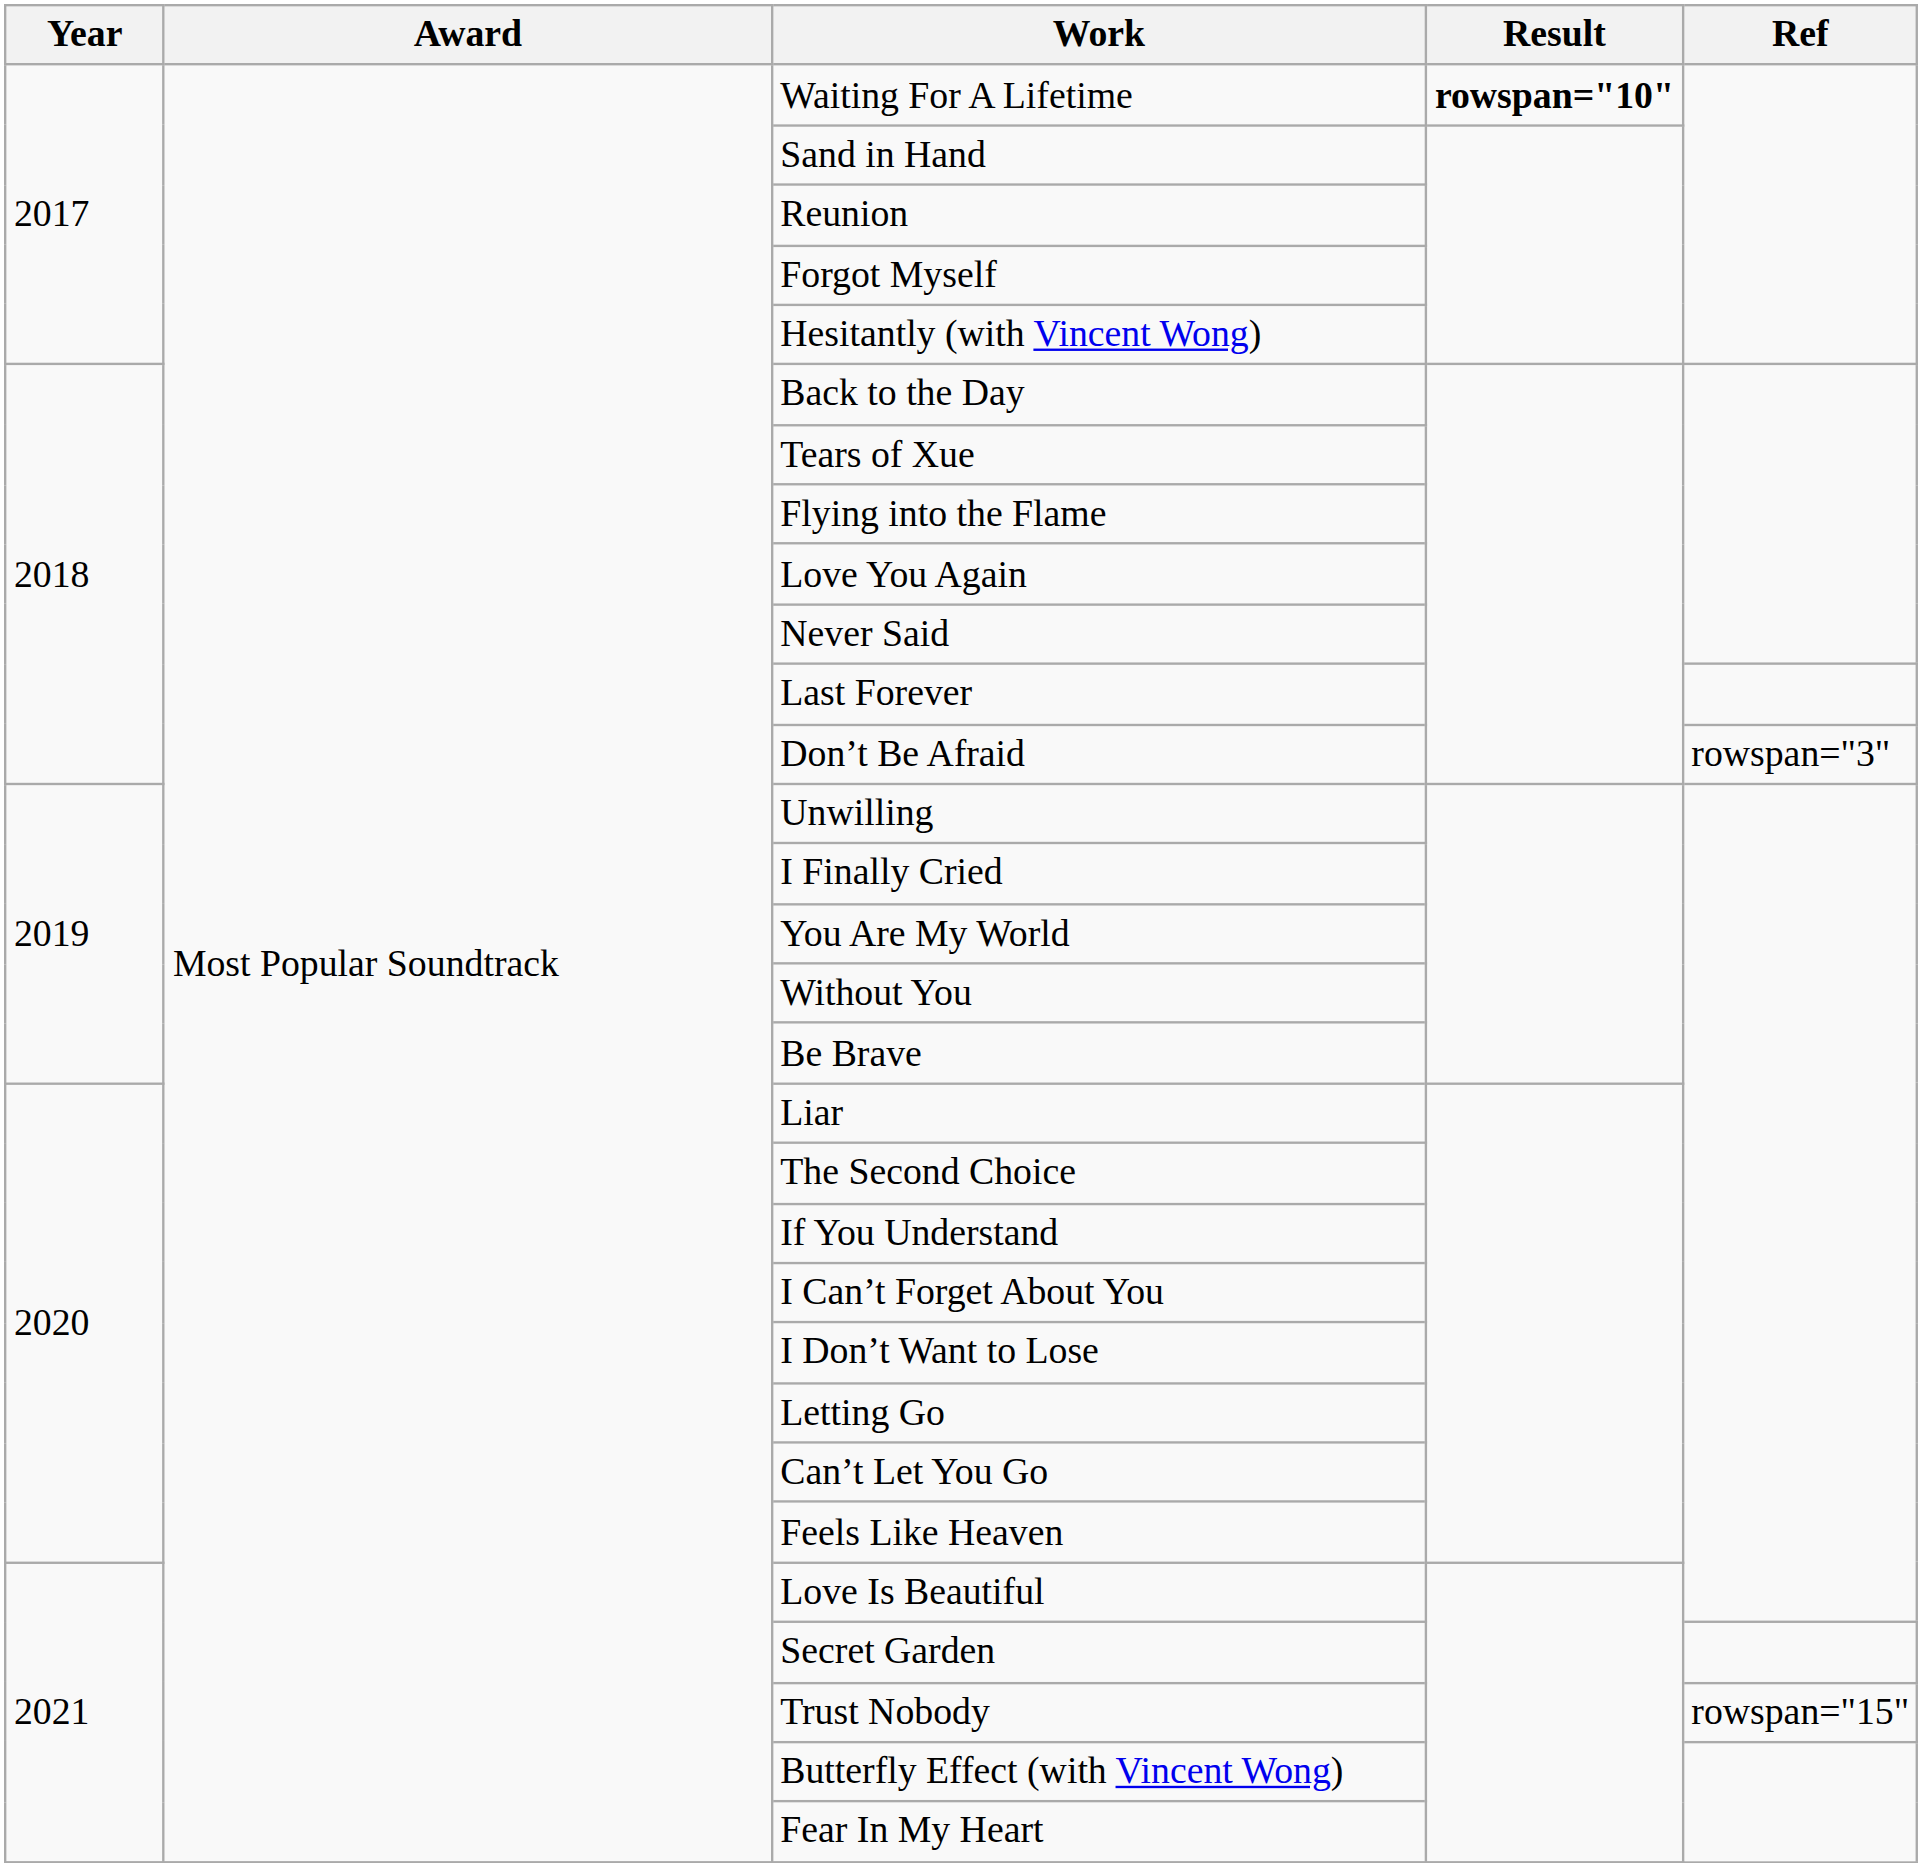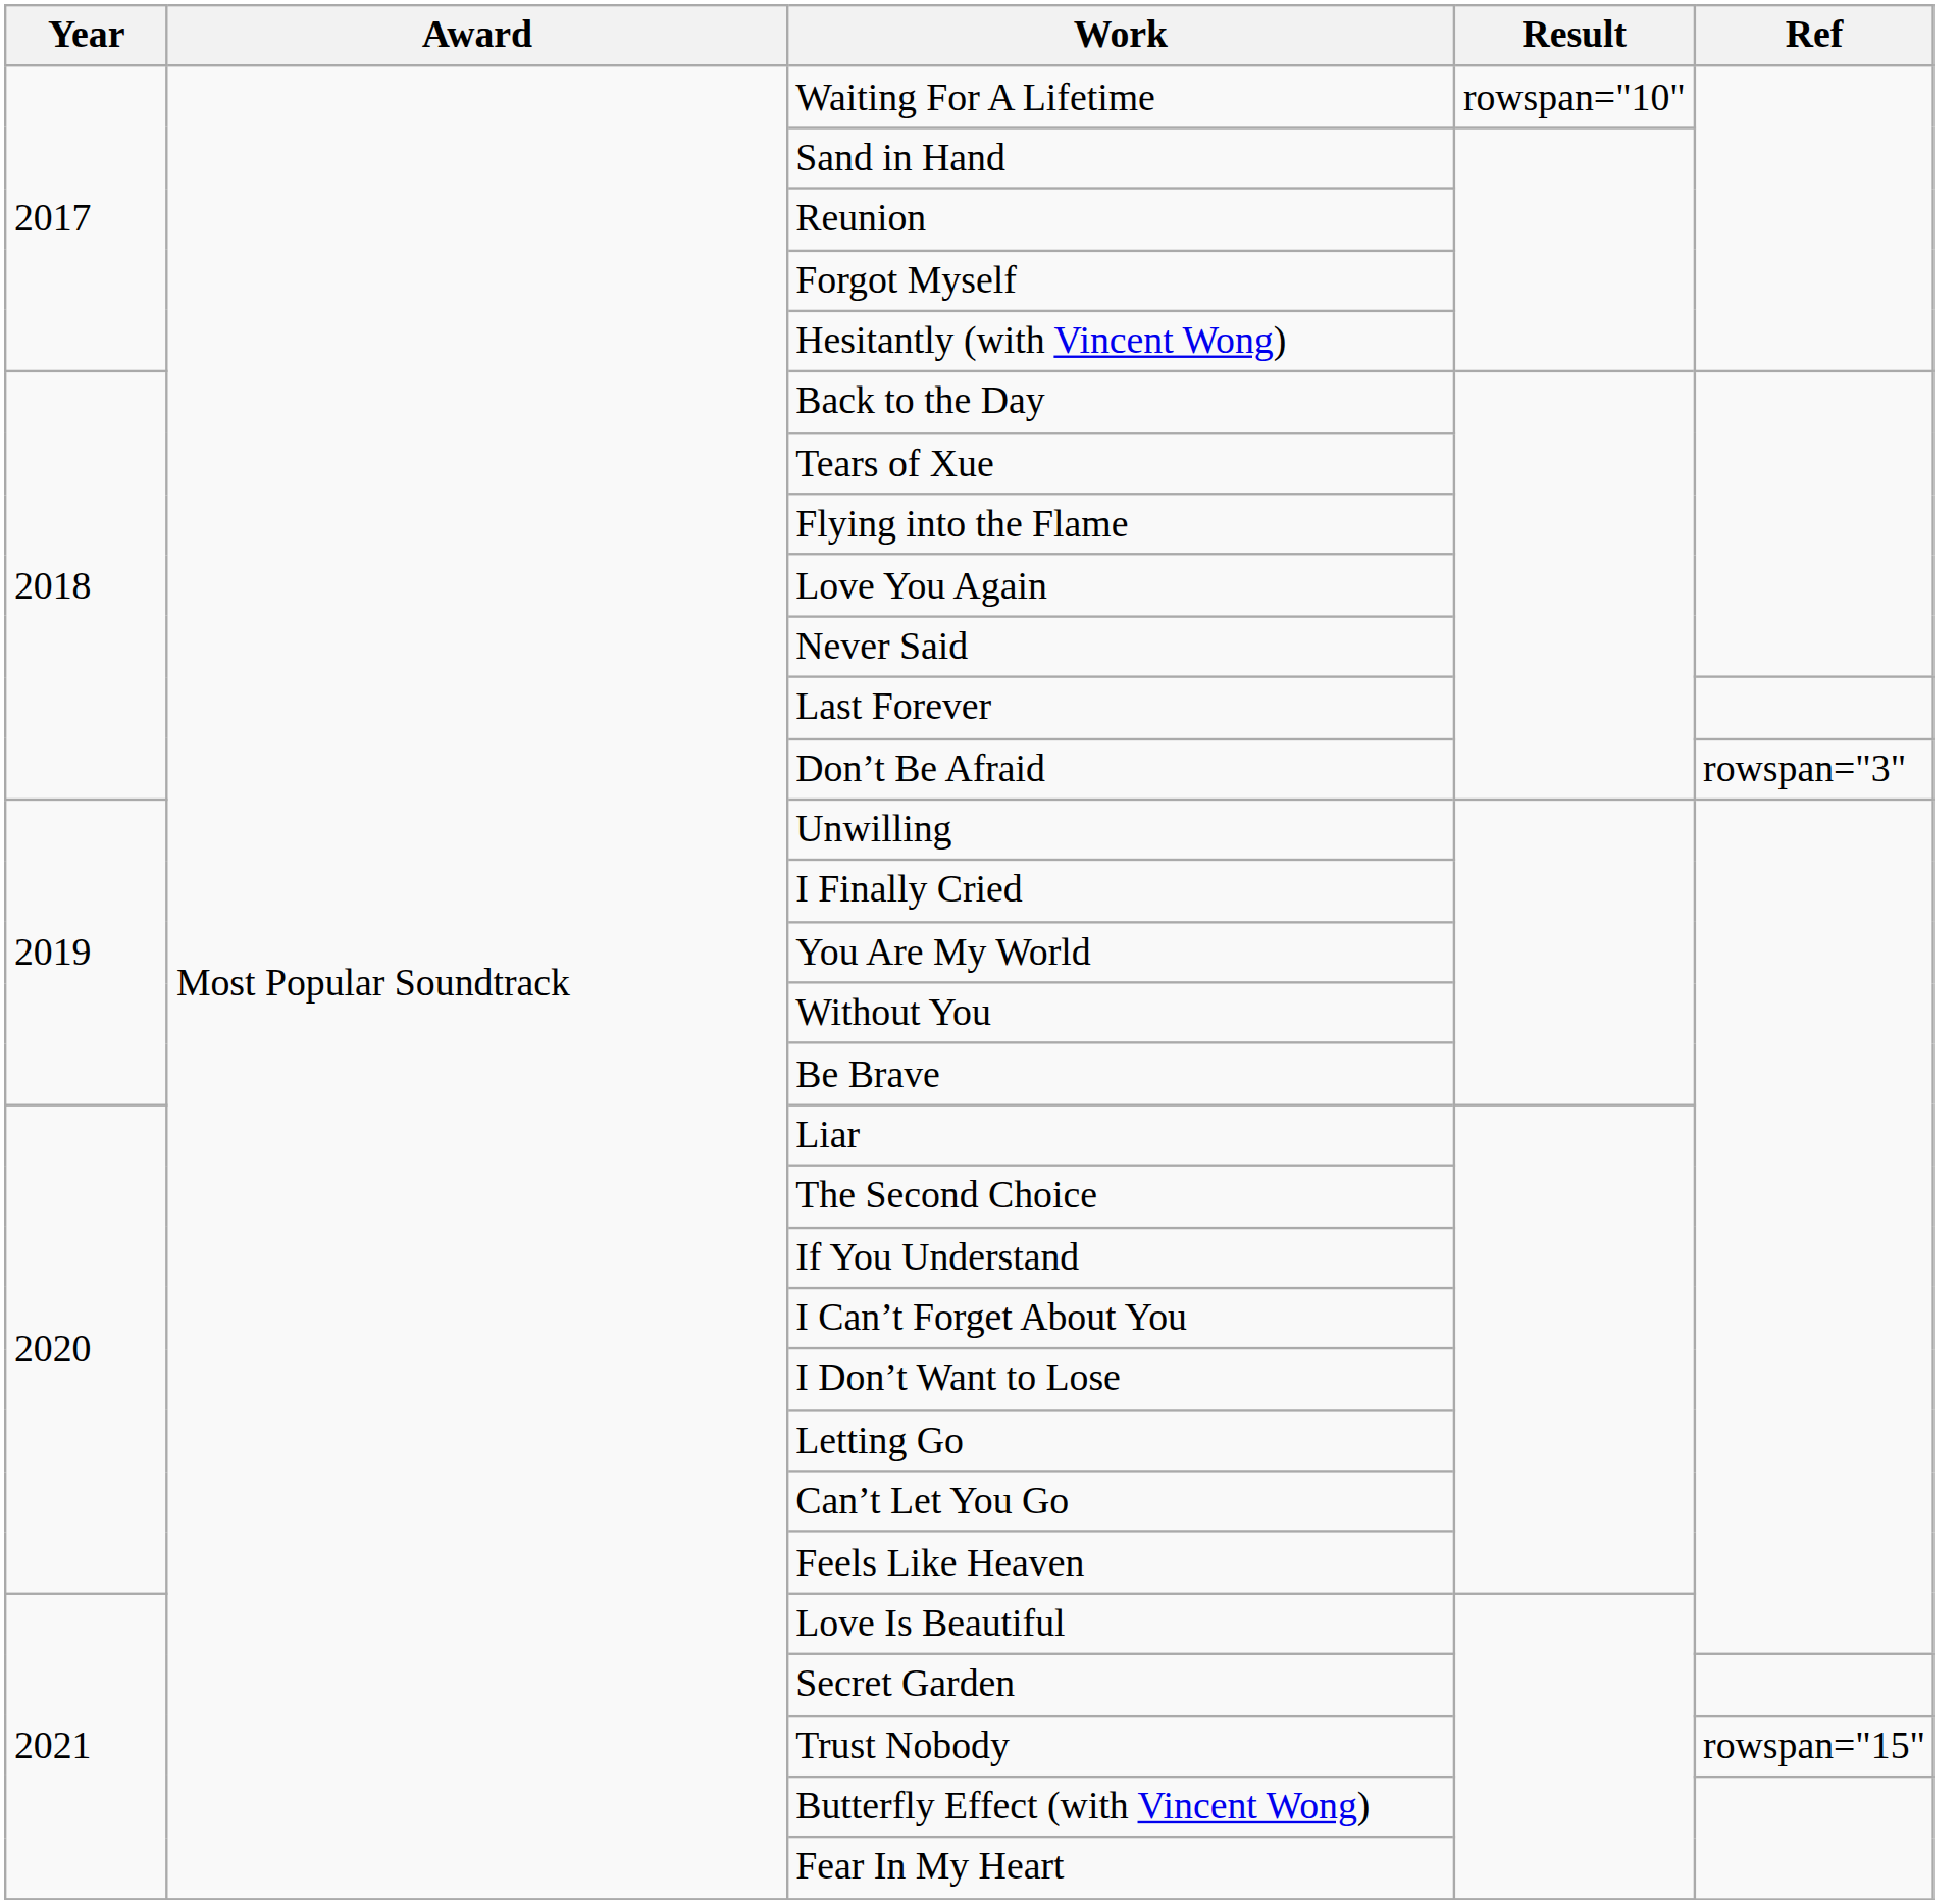 <table class="wikitable">
 <tr>
 <th width=60>Year</th>
 <th style="width:250px;">Award</th>
 <th style="width:270px;">Work</th>
 <th width="90">Result</th>
 <th width="30">Ref</th>
 </tr>
 <tr>
 <td rowspan="5">2017</td>
 <td rowspan="30">Most Popular Soundtrack</td>
 <td>Waiting For A Lifetime</td>
-<td><strong>rowspan="10" </strong></td>
+<td>rowspan="10" </td>
 <td rowspan="5"></td>
 </tr>
 <tr>
 <td>Sand in Hand</td>
 </tr>
 <tr>
 <td>Reunion</td>
 </tr>
 <tr>
 <td>Forgot Myself</td>
 </tr>
 <tr>
 <td>Hesitantly (with <a href='#'>Vincent Wong</a>)</td>
 </tr>
 <tr>
 <td rowspan="7">2018</td>
 <td>Back to the Day</td>
 <td rowspan="7"></td>
 </tr>
 <tr>
 <td>Tears of Xue</td>
 </tr>
 <tr>
 <td>Flying into the Flame</td>
 </tr>
 <tr>
 <td>Love You Again</td>
 </tr>
 <tr>
 <td>Never Said</td>
 </tr>
 <tr>
 <td>Last Forever</td>
 <td></td>
 </tr>
 <tr>
 <td>Don’t Be Afraid</td>
 <td>rowspan="3" </td>
 </tr>
 <tr>
 <td rowspan="5">2019</td>
 <td>Unwilling</td>
 <td rowspan="5"></td>
 </tr>
 <tr>
 <td>I Finally Cried</td>
 </tr>
 <tr>
 <td>You Are My World</td>
 </tr>
 <tr>
 <td>Without You</td>
 </tr>
 <tr>
 <td>Be Brave</td>
 </tr>
 <tr>
 <td rowspan="8">2020</td>
 <td>Liar</td>
 <td rowspan="8"></td>
 </tr>
 <tr>
 <td>The Second Choice</td>
 </tr>
 <tr>
 <td>If You Understand</td>
 </tr>
 <tr>
 <td>I Can’t Forget About You</td>
 </tr>
 <tr>
 <td>I Don’t Want to Lose</td>
 </tr>
 <tr>
 <td>Letting Go</td>
 </tr>
 <tr>
 <td>Can’t Let You Go</td>
 </tr>
 <tr>
 <td>Feels Like Heaven</td>
 </tr>
 <tr>
 <td rowspan="5">2021</td>
 <td>Love Is Beautiful</td>
 <td rowspan="5"></td>
 </tr>
 <tr>
 <td>Secret Garden</td>
 <td></td>
 </tr>
 <tr>
 <td>Trust Nobody</td>
 <td>rowspan="15" </td>
 </tr>
 <tr>
 <td>Butterfly Effect (with <a href='#'>Vincent Wong</a>)</td>
 </tr>
 <tr>
 <td>Fear In My Heart</td>
 </tr>
 <tr>
 </tr>
 </table>
